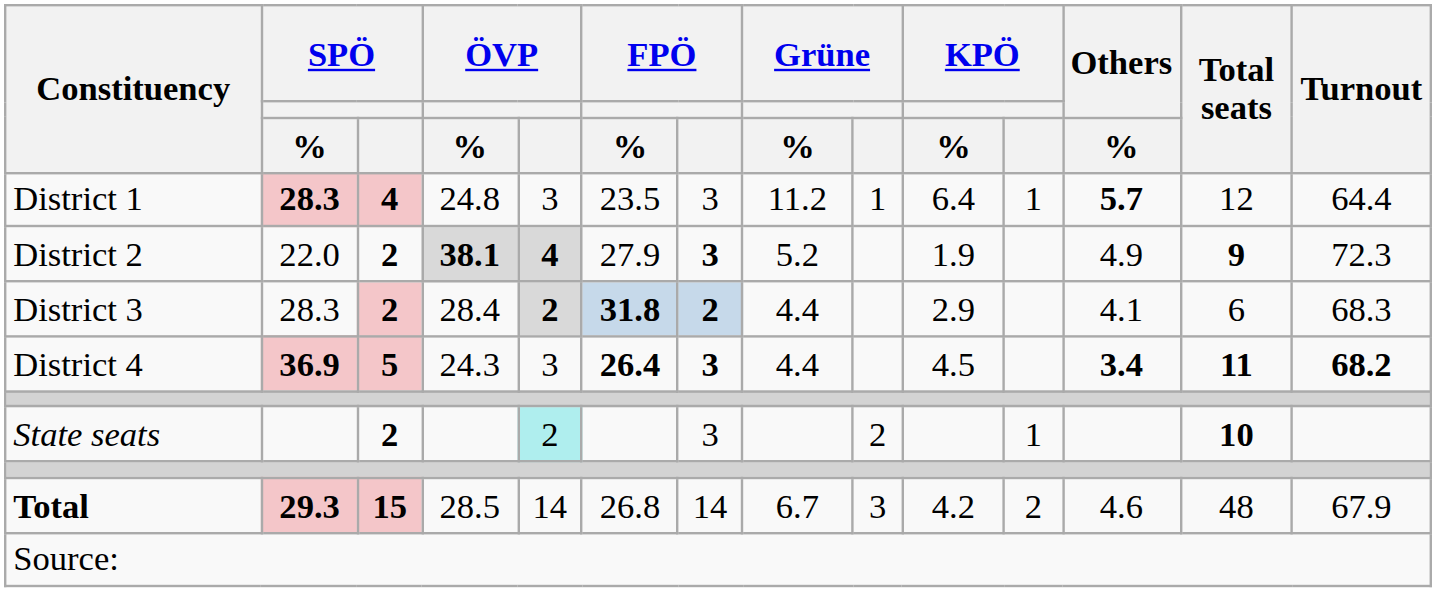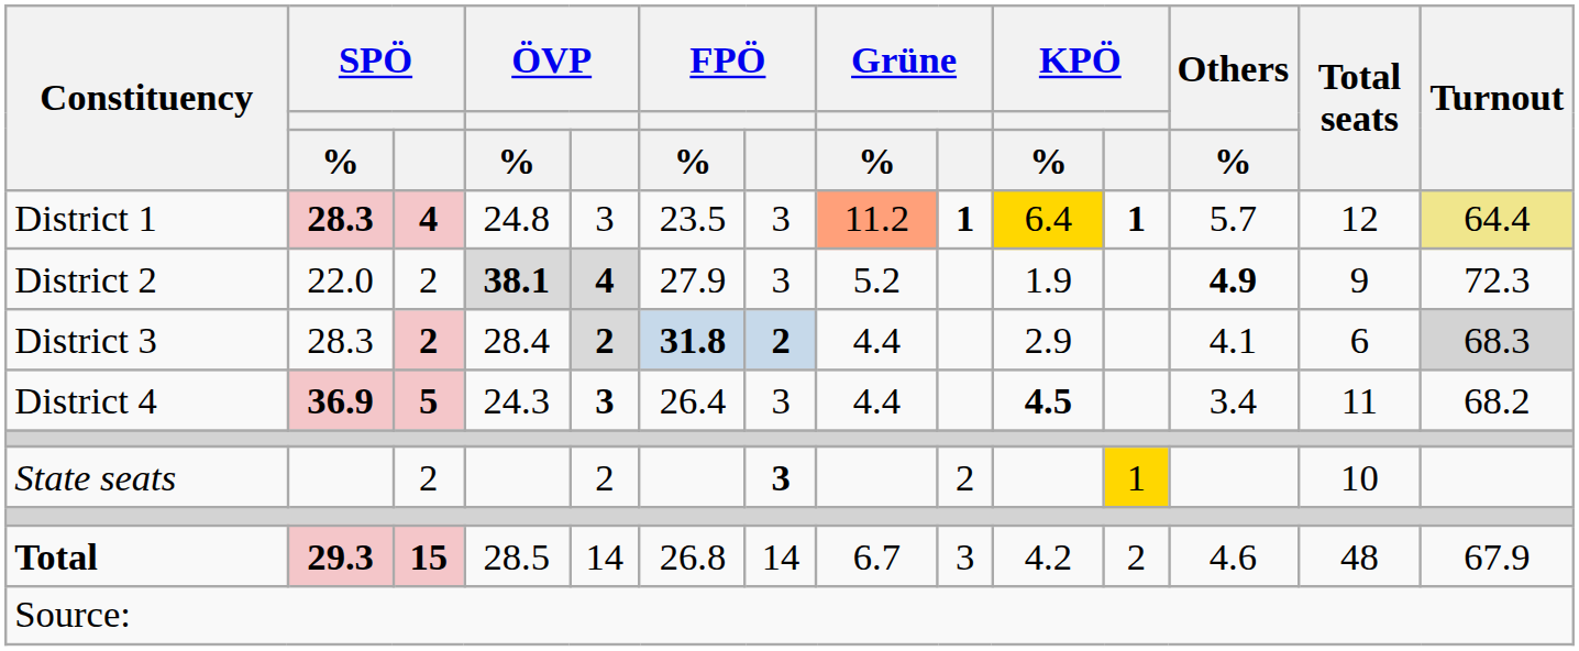 <table class="wikitable" style="text-align:center;font-size:90%;line-height:16px">
 <tr style="height:40px;">
 <th style="width:100px;" rowspan="3">Constituency</th>
 <th style="width:60px;" colspan="2"><a href='#'>SPÖ</a></th>
 <th style="width:60px;" colspan="2"><a href='#'>ÖVP</a></th>
 <th style="width:60px;" colspan="2"><a href='#'>FPÖ</a></th>
 <th style="width:60px;" colspan="2"><a href='#'>Grüne</a></th>
 <th style="width:60px;" colspan="2"><a href='#'>KPÖ</a></th>
 <th class="unsortable" style="width:40px;" rowspan="2">Others</th>
 <th class="unsortable" style="width:40px;" rowspan="3">Total<br>seats</th>
 <th class="unsortable" style="width:40px;" rowspan="3">Turnout</th>
 </tr>
 <tr>
 <th colspan="2" style="background:"></th>
 <th colspan="2" style="background:"></th>
 <th colspan="2" style="background:"></th>
 <th colspan="2" style="background:"></th>
 <th colspan="2" style="background:"></th>
 </tr>
 <tr>
 <th class=unsortable>%</th>
 <th class=unsortable></th>
 <th class=unsortable>%</th>
 <th class=unsortable></th>
 <th class=unsortable>%</th>
 <th class=unsortable></th>
 <th class=unsortable>%</th>
 <th class=unsortable></th>
 <th class=unsortable>%</th>
 <th class=unsortable></th>
 <th class=unsortable>%</th>
 </tr>
 <tr>
 <td align=left>District 1</td>
 <td bgcolor=#F4C6C9><strong>28.3</strong></td>
 <td bgcolor=#F4C6C9><strong>4</strong></td>
 <td>24.8</td>
 <td>3</td>
 <td>23.5</td>
 <td>3</td>
-<td>11.2</td>
-<td>1</td>
-<td>6.4</td>
-<td>1</td>
-<td><strong>5.7</strong></td>
+<td style="background: lightsalmon;">11.2</td>
+<td><strong>1</strong></td>
+<td style="background: gold;">6.4</td>
+<td><strong>1</strong></td>
+<td>5.7</td>
 <td>12</td>
-<td>64.4</td>
+<td style="background: khaki;">64.4</td>
 </tr>
 <tr>
 <td align=left>District 2</td>
 <td>22.0</td>
-<td><strong>2</strong></td>
+<td>2</td>
 <td bgcolor=#D9D9D9><strong>38.1</strong></td>
 <td bgcolor=#D9D9D9><strong>4</strong></td>
 <td>27.9</td>
-<td><strong>3</strong></td>
+<td>3</td>
 <td>5.2</td>
 <td></td>
 <td>1.9</td>
 <td></td>
-<td>4.9</td>
-<td><strong>9</strong></td>
+<td><strong>4.9</strong></td>
+<td>9</td>
 <td>72.3</td>
 </tr>
 <tr>
 <td align=left>District 3</td>
 <td>28.3</td>
 <td bgcolor=#F4C6C9><strong>2</strong></td>
 <td>28.4</td>
 <td bgcolor=#D9D9D9><strong>2</strong></td>
 <td bgcolor=#C6D9EA><strong>31.8</strong></td>
 <td bgcolor=#C6D9EA><strong>2</strong></td>
 <td>4.4</td>
 <td></td>
 <td>2.9</td>
 <td></td>
 <td>4.1</td>
 <td>6</td>
-<td>68.3</td>
+<td style="background: lightgrey;">68.3</td>
 </tr>
 <tr>
 <td align=left>District 4</td>
 <td bgcolor=#F4C6C9><strong>36.9</strong></td>
 <td bgcolor=#F4C6C9><strong>5</strong></td>
 <td>24.3</td>
+<td><strong>3</strong></td>
+<td>26.4</td>
 <td>3</td>
-<td><strong>26.4</strong></td>
-<td><strong>3</strong></td>
 <td>4.4</td>
 <td></td>
-<td>4.5</td>
+<td><strong>4.5</strong></td>
 <td></td>
-<td><strong>3.4</strong></td>
-<td><strong>11</strong></td>
-<td><strong>68.2</strong></td>
+<td>3.4</td>
+<td>11</td>
+<td>68.2</td>
 </tr>
 <tr>
 <td colspan=15 bgcolor=lightgrey></td>
 </tr>
 <tr>
 <td align=left><em>State seats</em></td>
 <td></td>
-<td><strong>2</strong></td>
-<td></td>
-<td style="background: paleturquoise;">2</td>
-<td></td>
-<td>3</td>
+<td>2</td>
 <td></td>
 <td>2</td>
 <td></td>
-<td>1</td>
+<td><strong>3</strong></td>
 <td></td>
-<td><strong>10</strong></td>
+<td>2</td>
+<td></td>
+<td style="background: gold;">1</td>
+<td></td>
+<td>10</td>
 <td></td>
 </tr>
 <tr>
 <td colspan=15 bgcolor=lightgrey></td>
 </tr>
 <tr>
 <td align=left><strong>Total</strong></td>
 <td bgcolor=#F4C6C9><strong>29.3</strong></td>
 <td bgcolor=#F4C6C9><strong>15</strong></td>
 <td>28.5</td>
 <td>14</td>
 <td>26.8</td>
 <td>14</td>
 <td>6.7</td>
 <td>3</td>
 <td>4.2</td>
 <td>2</td>
 <td>4.6</td>
 <td>48</td>
 <td>67.9</td>
 </tr>
 <tr class=sortbottom>
 <td colspan=15 align=left>Source: </td>
 </tr>
 </table>
